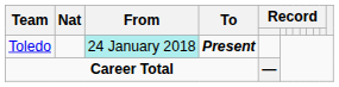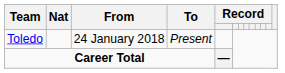 <table class="wikitable" style="text-align: center">
 <tr>
 <th rowspan="2">Team</th>
 <th rowspan="2">Nat</th>
 <th rowspan="2">From</th>
 <th rowspan="2">To</th>
 <th colspan="8">Record</th>
 <th rowspan=2></th>
 </tr>
 <tr>
 <th></th>
 <th></th>
 <th></th>
 <th></th>
 <th></th>
 <th></th>
 <th></th>
 <th></th>
 </tr>
 <tr>
 <td align="left"><a href='#'>Toledo</a></td>
 <td></td>
-<td align=left style="background: paleturquoise;">24 January 2018</td>
-<td aligb=left><strong><em>Present</em><br></strong></td>
+<td align=left>24 January 2018</td>
+<td aligb=left><em>Present</em><br></td>
 <td></td>
 </tr>
 <tr>
 <td colspan=4><strong>Career Total</strong><br></td>
 <th>—</th>
 </tr>
 </table>
